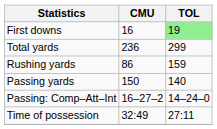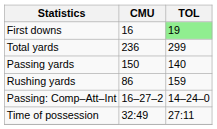 <table class="wikitable" style="float: left;">
 <tr>
 <th>Statistics</th>
 <th>CMU</th>
 <th>TOL</th>
 </tr>
 <tr>
 <td>First downs</td>
 <td>16</td>
 <td style="background: lightgreen;">19</td>
 </tr>
 <tr>
 <td>Total yards</td>
 <td>236</td>
 <td>299</td>
 </tr>
 <tr>
+<td>Passing yards</td>
+<td>150</td>
+<td>140</td>
+</tr>
+<tr>
 <td>Rushing yards</td>
 <td>86</td>
 <td>159</td>
-</tr>
-<tr>
-<td>Passing yards</td>
-<td>150</td>
-<td>140</td>
 </tr>
 <tr>
 <td>Passing: Comp–Att–Int</td>
 <td>16–27–2</td>
 <td>14–24–0</td>
 </tr>
 <tr>
 <td>Time of possession</td>
 <td>32:49</td>
 <td>27:11</td>
 </tr>
 <tr>
 </tr>
 </table>
